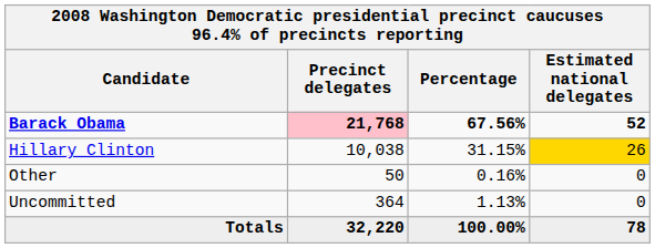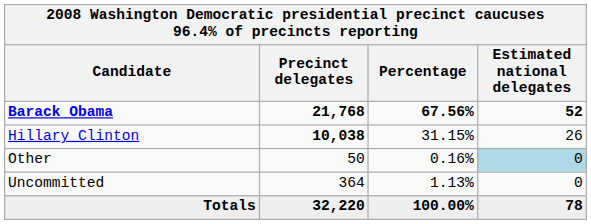 <table class="wikitable" style="font-size: 95%; text-align:right;">
 <tr>
 <th colspan="4">2008 Washington Democratic presidential precinct caucuses<br>96.4% of precincts reporting</th>
 </tr>
 <tr>
 <th style="width: 17em">Candidate</th>
 <th style="width: 7em">Precinct delegates</th>
 <th style="width: 7em">Percentage</th>
 <th style="width: 7em">Estimated national delegates</th>
 </tr>
 <tr>
 <td style="text-align:left;"><strong><a href='#'>Barack Obama</a></strong></td>
-<td style="background: pink;"><strong>21,768</strong></td>
+<td><strong>21,768</strong></td>
 <td><strong>67.56%</strong></td>
 <td><strong>52</strong></td>
 </tr>
 <tr>
 <td style="text-align:left;"><a href='#'>Hillary Clinton</a></td>
-<td>10,038</td>
+<td><strong>10,038</strong></td>
 <td>31.15%</td>
-<td style="background: gold;">26</td>
+<td>26</td>
 </tr>
 <tr>
 <td style="text-align:left;">Other</td>
 <td>50</td>
 <td>0.16%</td>
-<td>0</td>
+<td style="background: lightblue;">0</td>
 </tr>
 <tr>
 <td style="text-align:left;">Uncommitted</td>
 <td>364</td>
 <td>1.13%</td>
 <td>0</td>
 </tr>
 <tr style="background:#eee; margin-right:0.5em;">
 <td><strong>Totals</strong></td>
 <td><strong>32,220</strong></td>
 <td><strong>100.00%</strong></td>
 <td><strong>78</strong></td>
 </tr>
 </table>
